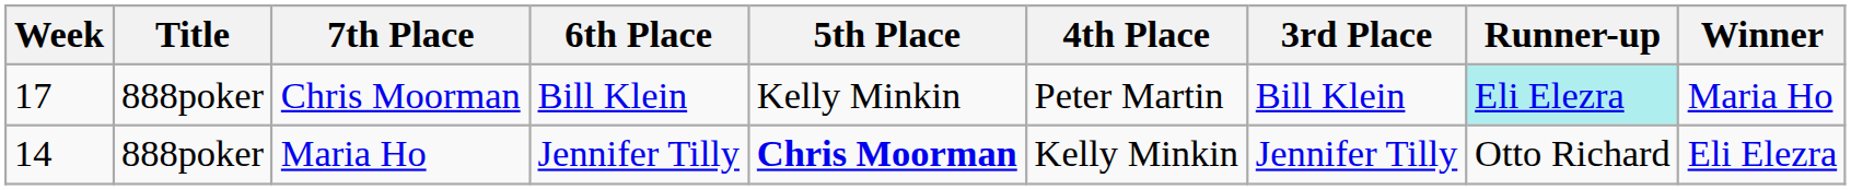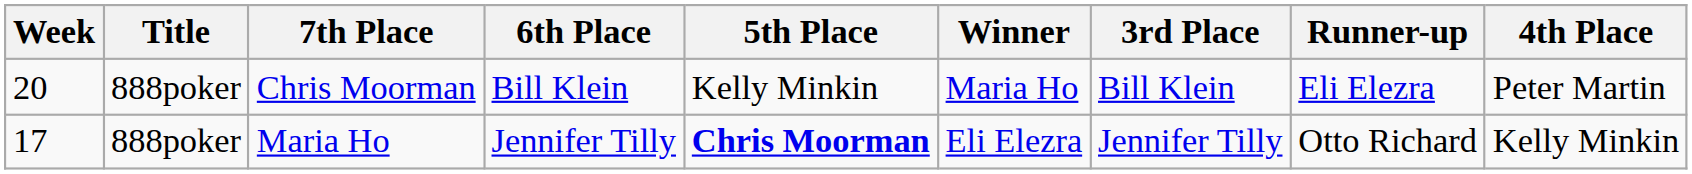 <table class="wikitable">
 <tr>
 <th>Week</th>
 <th>Title</th>
 <th>7th Place</th>
 <th>6th Place</th>
 <th>5th Place</th>
-<th>4th Place</th>
+<th>Winner</th>
 <th>3rd Place</th>
 <th>Runner-up</th>
-<th>Winner</th>
+<th>4th Place</th>
+</tr>
+<tr>
+<td>20</td>
+<td>888poker</td>
+<td><a href='#'>Chris Moorman</a></td>
+<td><a href='#'>Bill Klein</a></td>
+<td>Kelly Minkin</td>
+<td><a href='#'>Maria Ho</a></td>
+<td><a href='#'>Bill Klein</a></td>
+<td><a href='#'>Eli Elezra</a></td>
+<td>Peter Martin</td>
 </tr>
 <tr>
 <td>17</td>
 <td>888poker</td>
-<td><a href='#'>Chris Moorman</a></td>
-<td><a href='#'>Bill Klein</a></td>
-<td>Kelly Minkin</td>
-<td>Peter Martin</td>
-<td><a href='#'>Bill Klein</a></td>
-<td style="background: paleturquoise;"><a href='#'>Eli Elezra</a></td>
-<td><a href='#'>Maria Ho</a></td>
-</tr>
-<tr>
-<td>14</td>
-<td>888poker</td>
 <td><a href='#'>Maria Ho</a></td>
 <td><a href='#'>Jennifer Tilly</a></td>
 <td><strong><a href='#'>Chris Moorman</a></strong></td>
-<td>Kelly Minkin</td>
+<td><a href='#'>Eli Elezra</a></td>
 <td><a href='#'>Jennifer Tilly</a></td>
 <td>Otto Richard</td>
-<td><a href='#'>Eli Elezra</a></td>
+<td>Kelly Minkin</td>
 </tr>
 </table>
